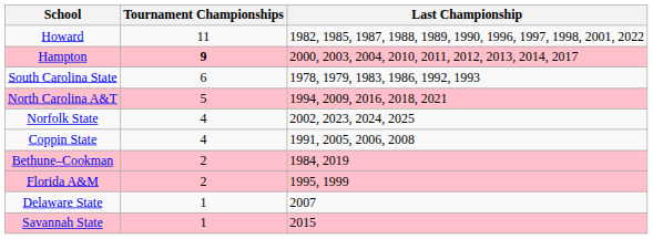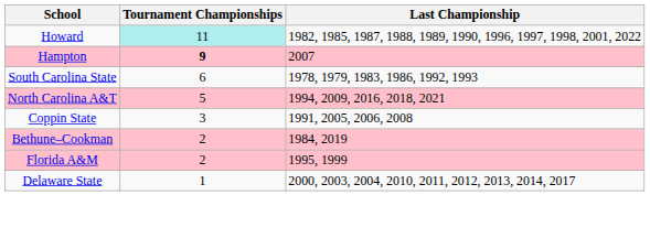 <table class="wikitable sortable" style="text-align:center">
 <tr>
 <th width=px>School</th>
 <th width=px>Tournament Championships</th>
 <th width=px>Last Championship</th>
 </tr>
 <tr>
 <td><a href='#'>Howard</a></td>
-<td>11</td>
+<td style="background: paleturquoise;">11</td>
 <td align=left>1982, 1985, 1987, 1988, 1989, 1990, 1996, 1997, 1998, 2001, 2022</td>
 </tr>
 <tr bgcolor=pink>
 <td><a href='#'>Hampton</a></td>
 <td><strong>9</strong></td>
-<td align=left>2000, 2003, 2004, 2010, 2011, 2012, 2013, 2014, 2017</td>
+<td align=left>2007</td>
 </tr>
 <tr>
 <td><a href='#'>South Carolina State</a></td>
 <td>6</td>
 <td align=left>1978, 1979, 1983, 1986, 1992, 1993</td>
 </tr>
 <tr bgcolor=pink>
 <td><a href='#'>North Carolina A&T</a></td>
 <td>5</td>
 <td align=left>1994, 2009, 2016, 2018, 2021</td>
 </tr>
 <tr>
-<td><a href='#'>Norfolk State</a></td>
-<td>4</td>
-<td align="left">2002, 2023, 2024, 2025</td>
-</tr>
-<tr>
 <td><a href='#'>Coppin State</a></td>
-<td>4</td>
+<td>3</td>
 <td align=left>1991, 2005, 2006, 2008</td>
 </tr>
 <tr bgcolor=pink>
 <td><a href='#'>Bethune–Cookman</a></td>
 <td>2</td>
 <td align=left>1984, 2019</td>
 </tr>
 <tr bgcolor=pink>
 <td><a href='#'>Florida A&M</a></td>
 <td>2</td>
 <td align=left>1995, 1999</td>
 </tr>
 <tr>
 <td><a href='#'>Delaware State</a></td>
 <td>1</td>
-<td align=left>2007</td>
-</tr>
-<tr bgcolor=pink>
-<td><a href='#'>Savannah State</a></td>
-<td>1</td>
-<td align=left>2015</td>
+<td align=left>2000, 2003, 2004, 2010, 2011, 2012, 2013, 2014, 2017</td>
 </tr>
 </table>
